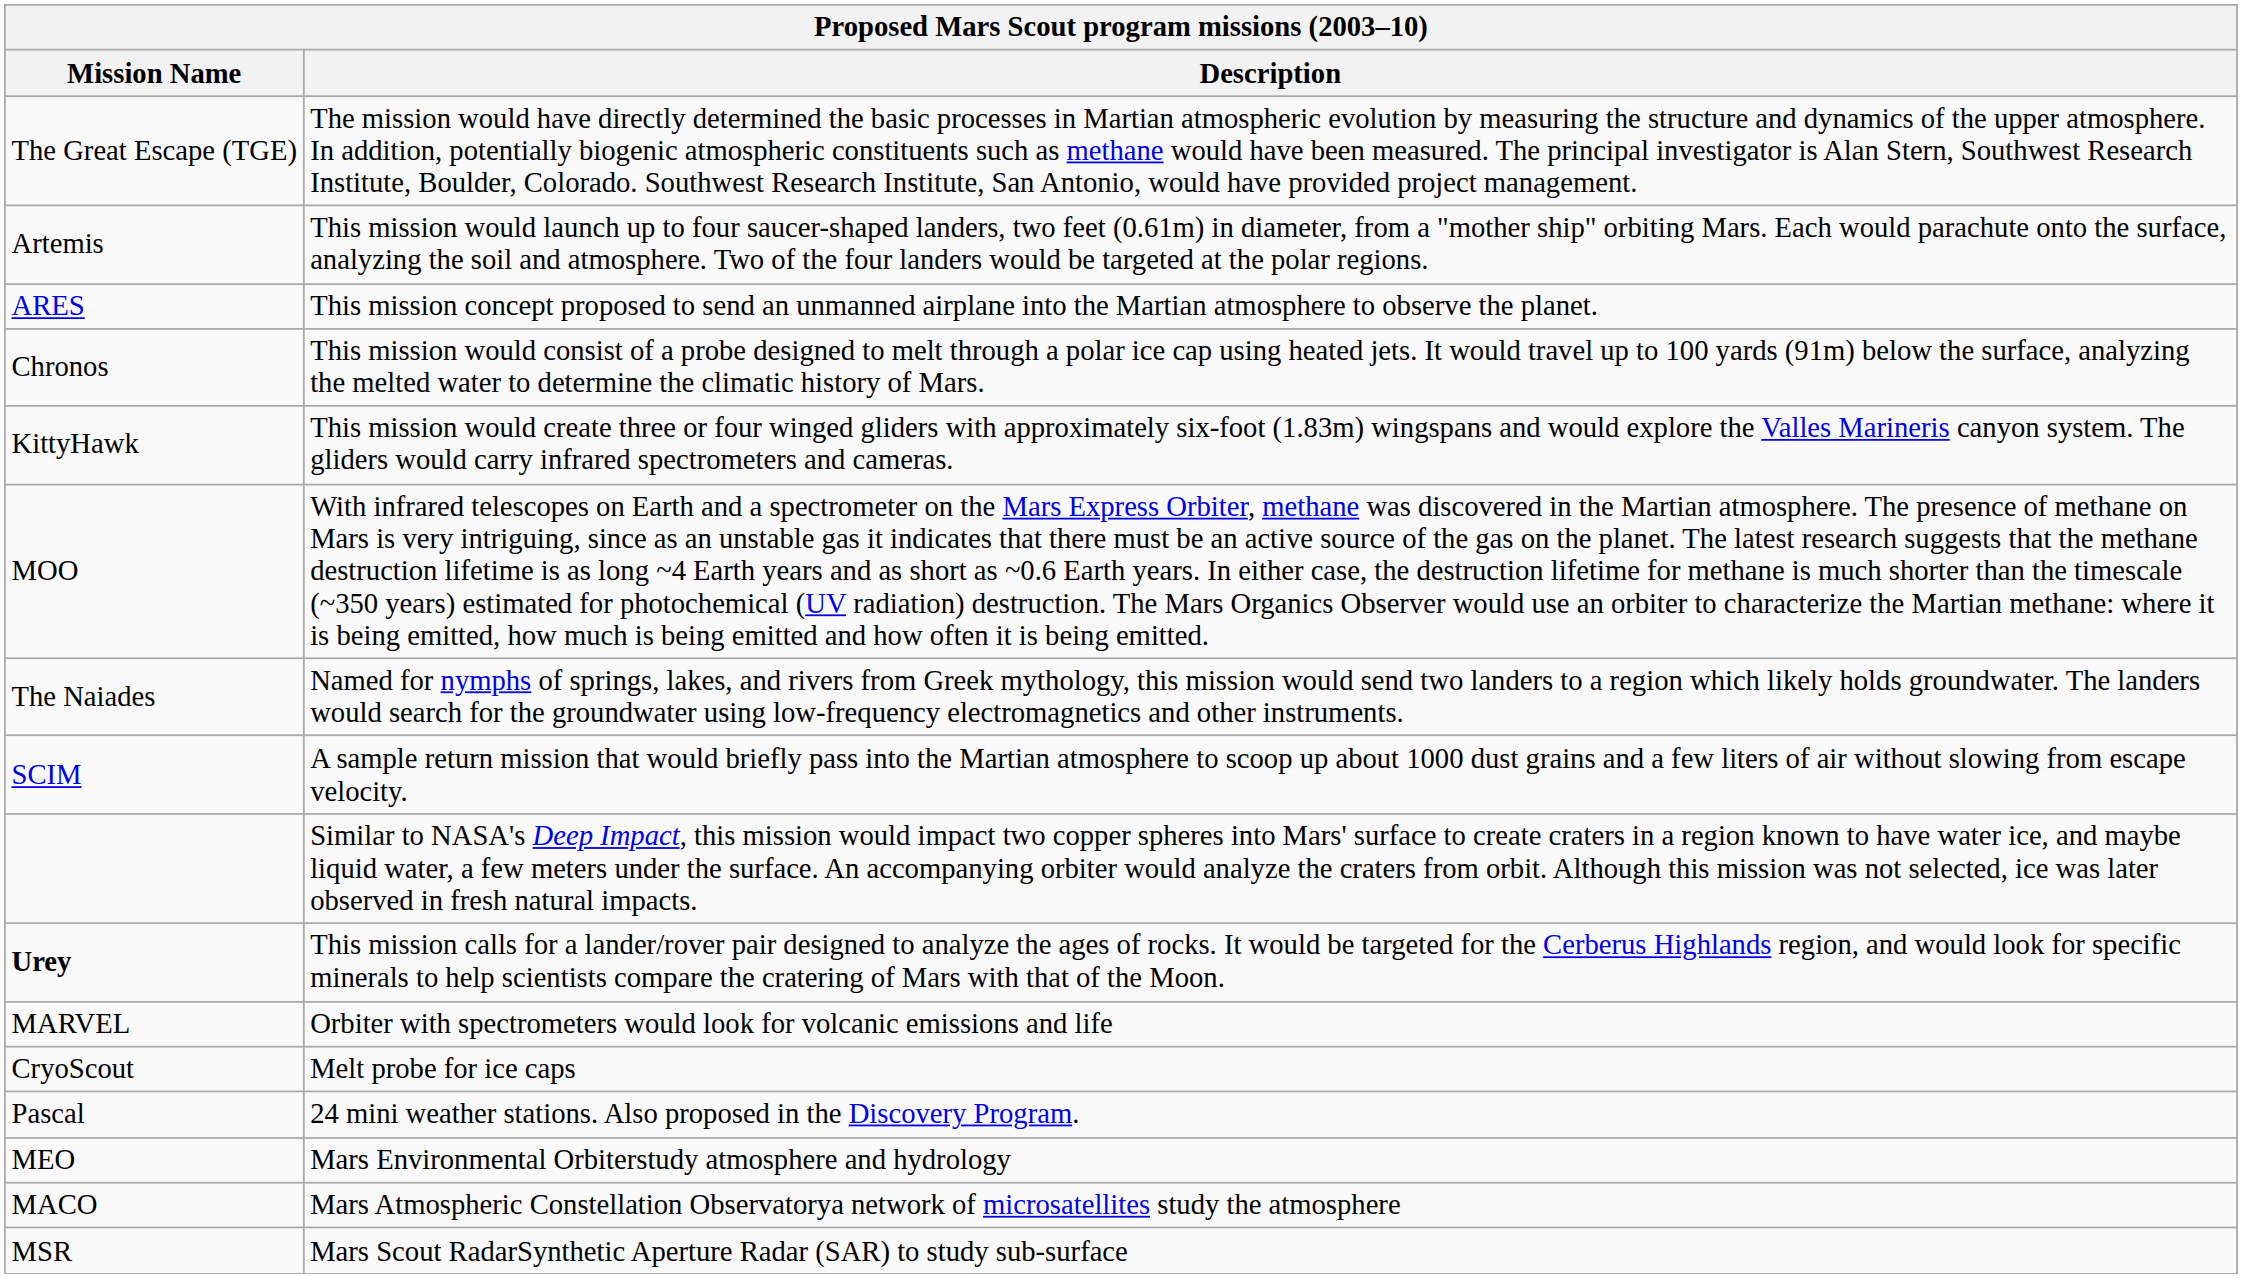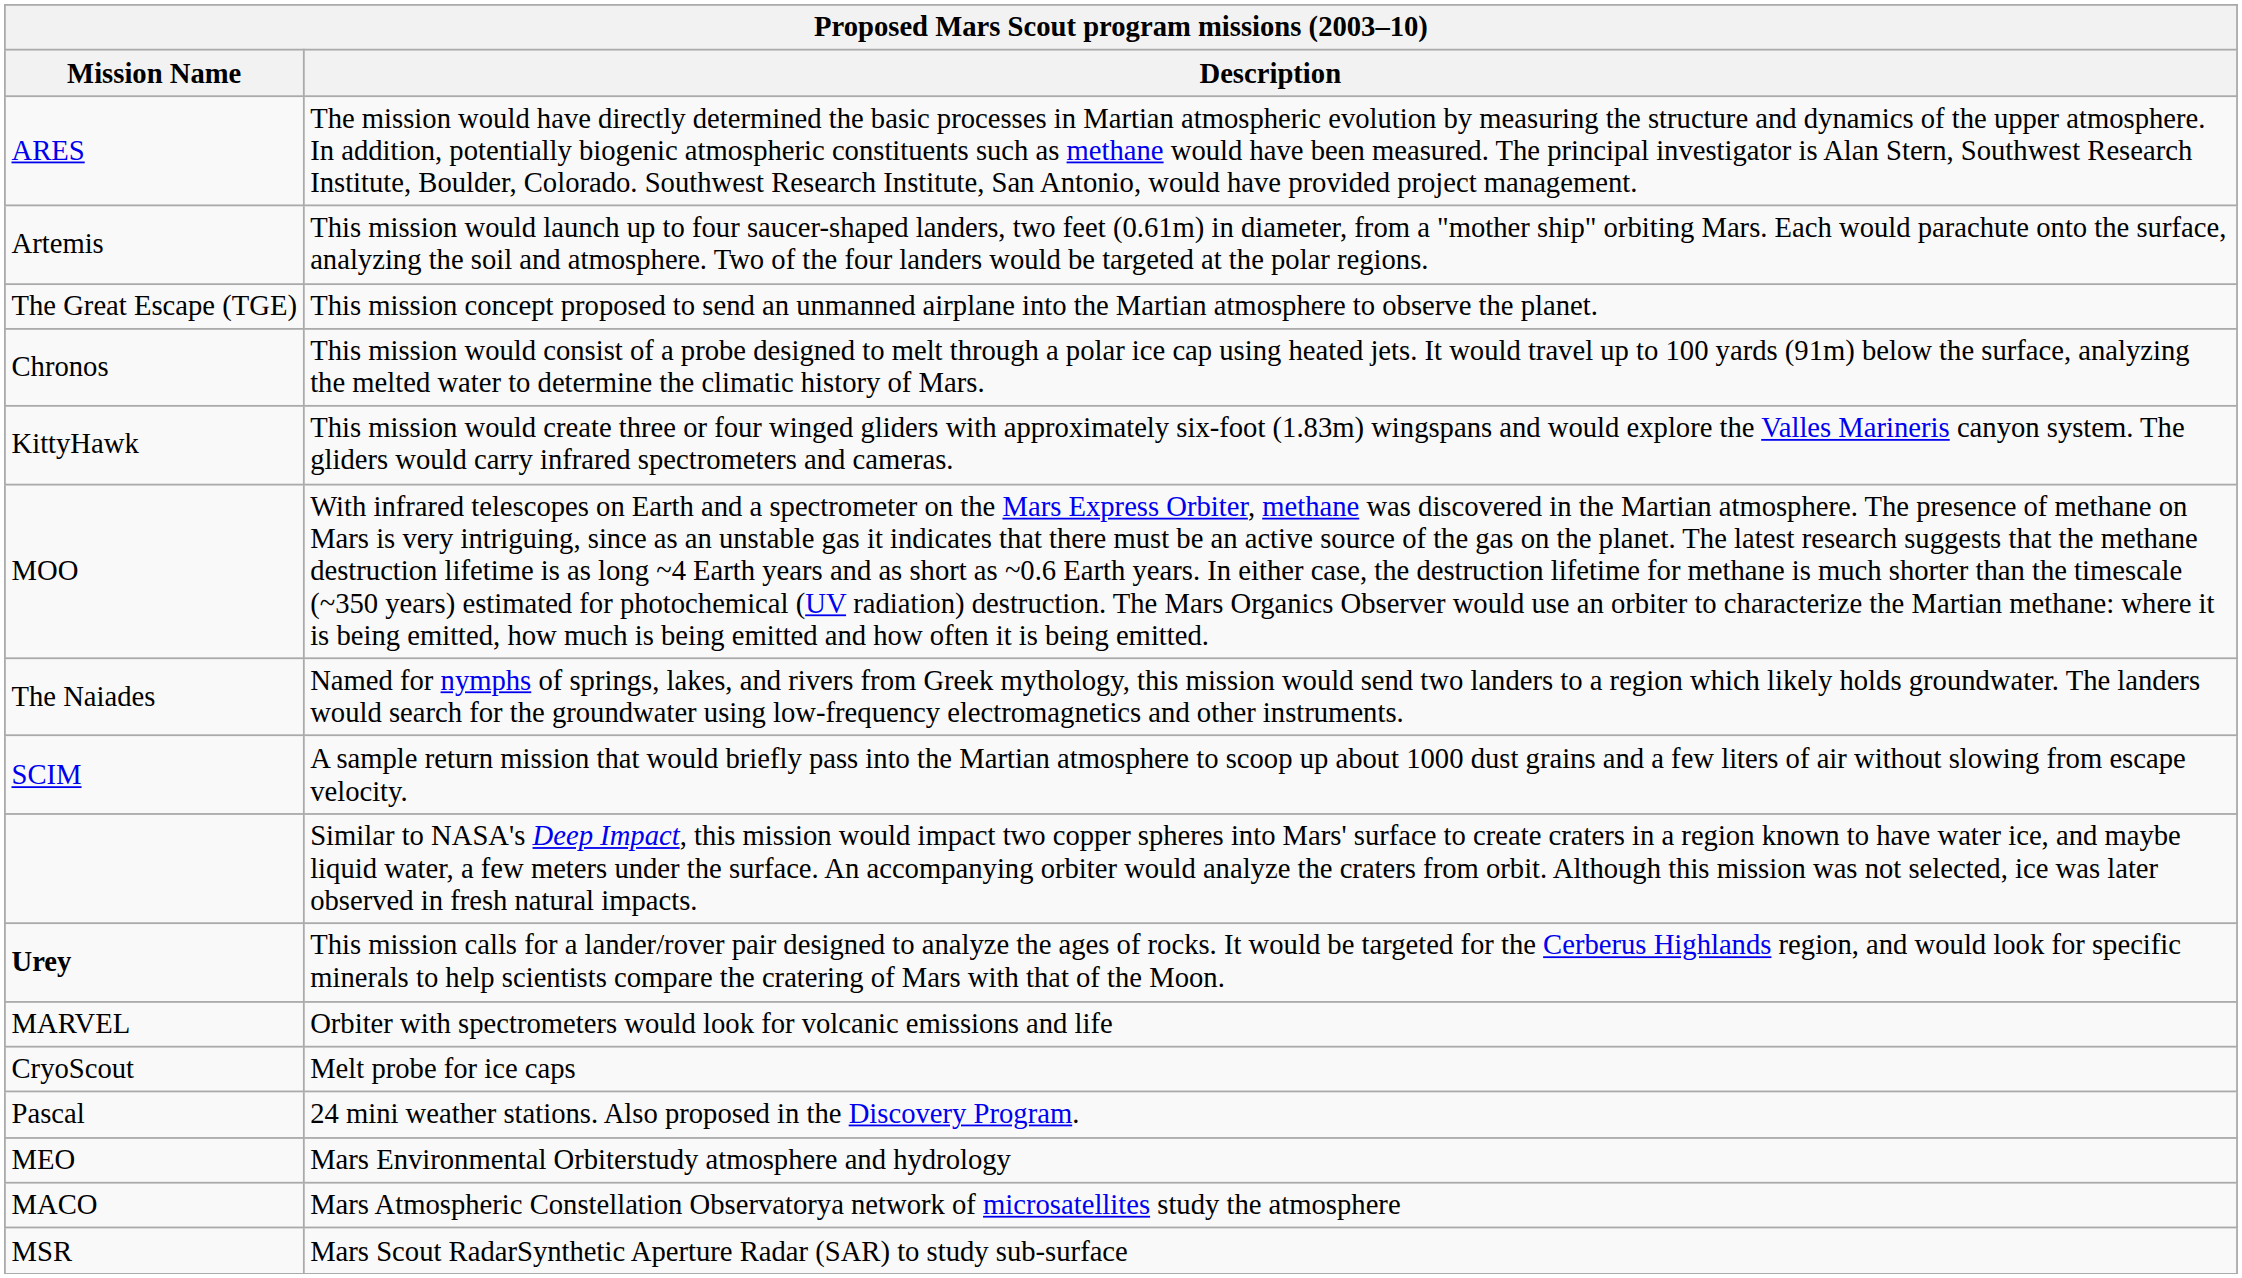 <table class="wikitable collapsible collapsed">
 <tr>
 <th colspan="2">Proposed Mars Scout program missions (2003–10)</th>
 </tr>
 <tr bgcolor="#efefef">
 <th>Mission Name</th>
 <th>Description</th>
 </tr>
 <tr>
-<td nowrap>The Great Escape (TGE)</td>
+<td><a href='#'>ARES</a></td>
 <td>The mission would have directly determined the basic processes in Martian atmospheric evolution by measuring the structure and dynamics of the upper atmosphere. In addition, potentially biogenic atmospheric constituents such as <a href='#'>methane</a> would have been measured. The principal investigator is Alan Stern, Southwest Research Institute, Boulder, Colorado. Southwest Research Institute, San Antonio, would have provided project management.</td>
 </tr>
 <tr>
 <td>Artemis</td>
 <td>This mission would launch up to four saucer-shaped landers, two feet (0.61m) in diameter, from a "mother ship" orbiting Mars. Each would parachute onto the surface, analyzing the soil and atmosphere. Two of the four landers would be targeted at the polar regions.</td>
 </tr>
 <tr>
-<td><a href='#'>ARES</a></td>
+<td nowrap>The Great Escape (TGE)</td>
 <td>This mission concept proposed to send an unmanned airplane into the Martian atmosphere to observe the planet.</td>
 </tr>
 <tr>
 <td>Chronos</td>
 <td>This mission would consist of a probe designed to melt through a polar ice cap using heated jets. It would travel up to 100 yards (91m) below the surface, analyzing the melted water to determine the climatic history of Mars.</td>
 </tr>
 <tr>
 <td>KittyHawk</td>
 <td>This mission would create three or four winged gliders with approximately six-foot (1.83m) wingspans and would explore the <a href='#'>Valles Marineris</a> canyon system. The gliders would carry infrared spectrometers and cameras.</td>
 </tr>
 <tr>
 <td>MOO</td>
 <td>With infrared telescopes on Earth and a spectrometer on the <a href='#'>Mars Express Orbiter</a>, <a href='#'>methane</a> was discovered in the Martian atmosphere. The presence of methane on Mars is very intriguing, since as an unstable gas it indicates that there must be an active source of the gas on the planet. The latest research suggests that the methane destruction lifetime is as long ~4 Earth years and as short as ~0.6 Earth years. In either case, the destruction lifetime for methane is much shorter than the timescale (~350 years) estimated for photochemical (<a href='#'>UV</a> radiation) destruction. The Mars Organics Observer would use an orbiter to characterize the Martian methane: where it is being emitted, how much is being emitted and how often it is being emitted.</td>
 </tr>
 <tr>
 <td>The Naiades</td>
 <td>Named for <a href='#'>nymphs</a> of springs, lakes, and rivers from Greek mythology, this mission would send two landers to a region which likely holds groundwater. The landers would search for the groundwater using low-frequency electromagnetics and other instruments.</td>
 </tr>
 <tr>
 <td><a href='#'>SCIM</a></td>
 <td>A sample return mission that would briefly pass into the Martian atmosphere to scoop up about 1000 dust grains and a few liters of air without slowing from escape velocity.</td>
 </tr>
 <tr>
 <td></td>
 <td>Similar to NASA's <em><a href='#'>Deep Impact</a></em>, this mission would impact two copper spheres into Mars' surface to create craters in a region known to have water ice, and maybe liquid water, a few meters under the surface. An accompanying orbiter would analyze the craters from orbit. Although this mission was not selected, ice was later observed in fresh natural impacts.</td>
 </tr>
 <tr>
 <td><strong>Urey</strong></td>
 <td>This mission calls for a lander/rover pair designed to analyze the ages of rocks. It would be targeted for the <a href='#'>Cerberus Highlands</a> region, and would look for specific minerals to help scientists compare the cratering of Mars with that of the Moon.</td>
 </tr>
 <tr>
 <td>MARVEL</td>
 <td>Orbiter with spectrometers would look for volcanic emissions and life</td>
 </tr>
 <tr>
 <td>CryoScout</td>
 <td>Melt probe for ice caps</td>
 </tr>
 <tr>
 <td>Pascal</td>
 <td>24 mini weather stations. Also proposed in the <a href='#'>Discovery Program</a>.</td>
 </tr>
 <tr>
 <td>MEO</td>
 <td>Mars Environmental Orbiterstudy atmosphere and hydrology</td>
 </tr>
 <tr>
 <td>MACO</td>
 <td>Mars Atmospheric Constellation Observatorya network of <a href='#'>microsatellites</a> study the atmosphere</td>
 </tr>
 <tr>
 <td>MSR</td>
 <td>Mars Scout RadarSynthetic Aperture Radar (SAR) to study sub-surface</td>
 </tr>
 <tr Mars lander for expolartion to determine the srface of mars>
 </tr>
 </table>
